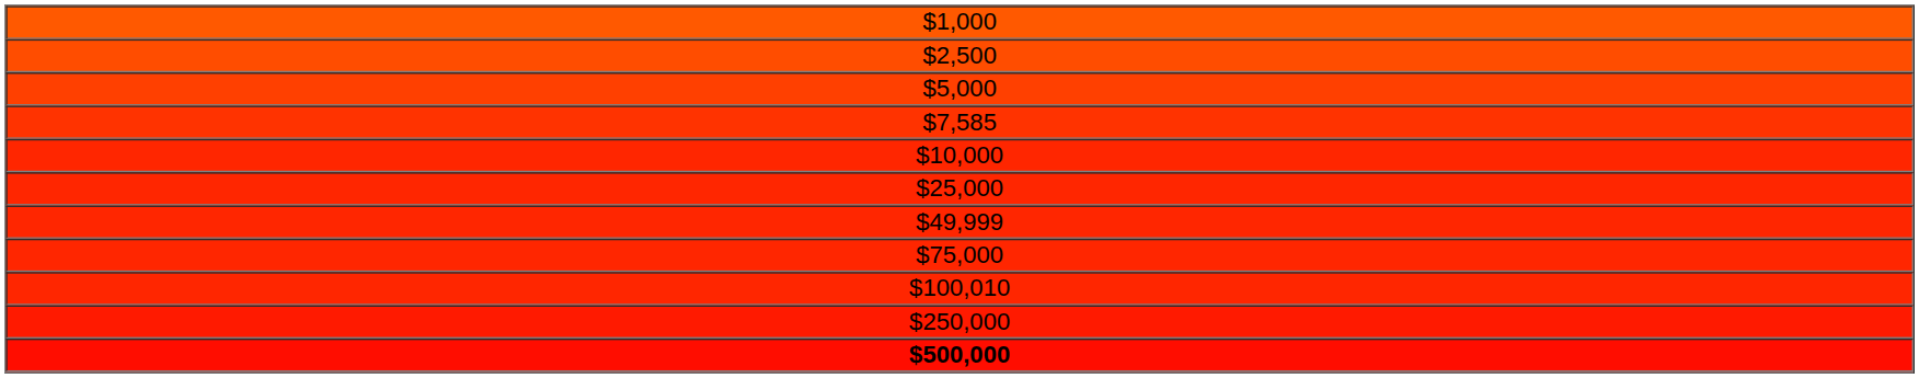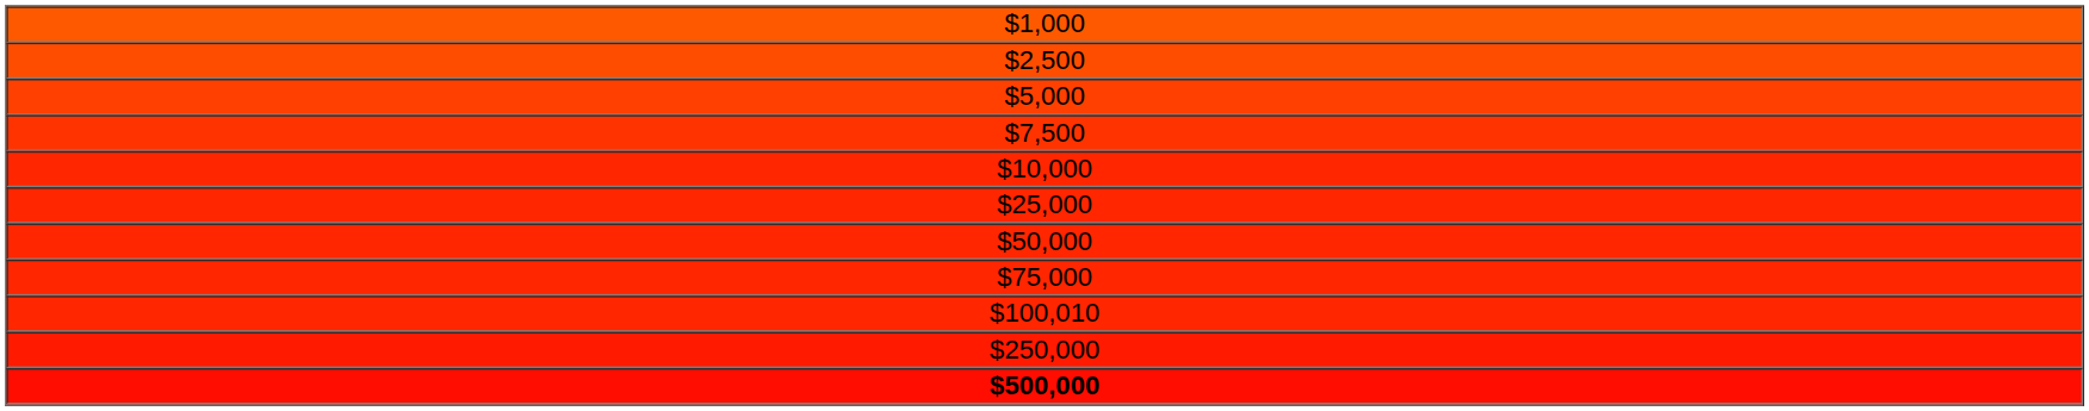 <table border=1 cellspacing=0 cellpadding =1 width=100%|->
 <tr>
 <td bgcolor="#FF5900" align=center><span>$1,000</span></td>
 </tr>
 <tr>
 <td bgcolor="#FF4D00" align=center><span>$2,500</span></td>
 </tr>
 <tr>
 <td bgcolor="#FF4000" align=center><span>$5,000</span></td>
 </tr>
 <tr>
-<td bgcolor="#FF3300" align=center><span>$7,585</span></td>
+<td bgcolor="#FF3300" align=center><span>$7,500</span></td>
 </tr>
 <tr>
 <td bgcolor="#FF2600" align=center><span>$10,000</span></td>
 </tr>
 <tr>
 <td bgcolor="#FF2600" align=center><span>$25,000</span></td>
 </tr>
 <tr>
-<td bgcolor="#FF2600" align=center><span>$49,999</span></td>
+<td bgcolor="#FF2600" align=center><span>$50,000</span></td>
 </tr>
 <tr>
 <td bgcolor="#FF2600" align=center><span>$75,000</span></td>
 </tr>
 <tr>
 <td bgcolor="#FF2600" align=center><span>$100,010</span></td>
 </tr>
 <tr>
 <td bgcolor="#FF1A00" align=center><span>$250,000</span></td>
 </tr>
 <tr>
 <td bgcolor="#FF0D00" align=center><strong><span>$500,000</span></strong></td>
 </tr>
 </table>
